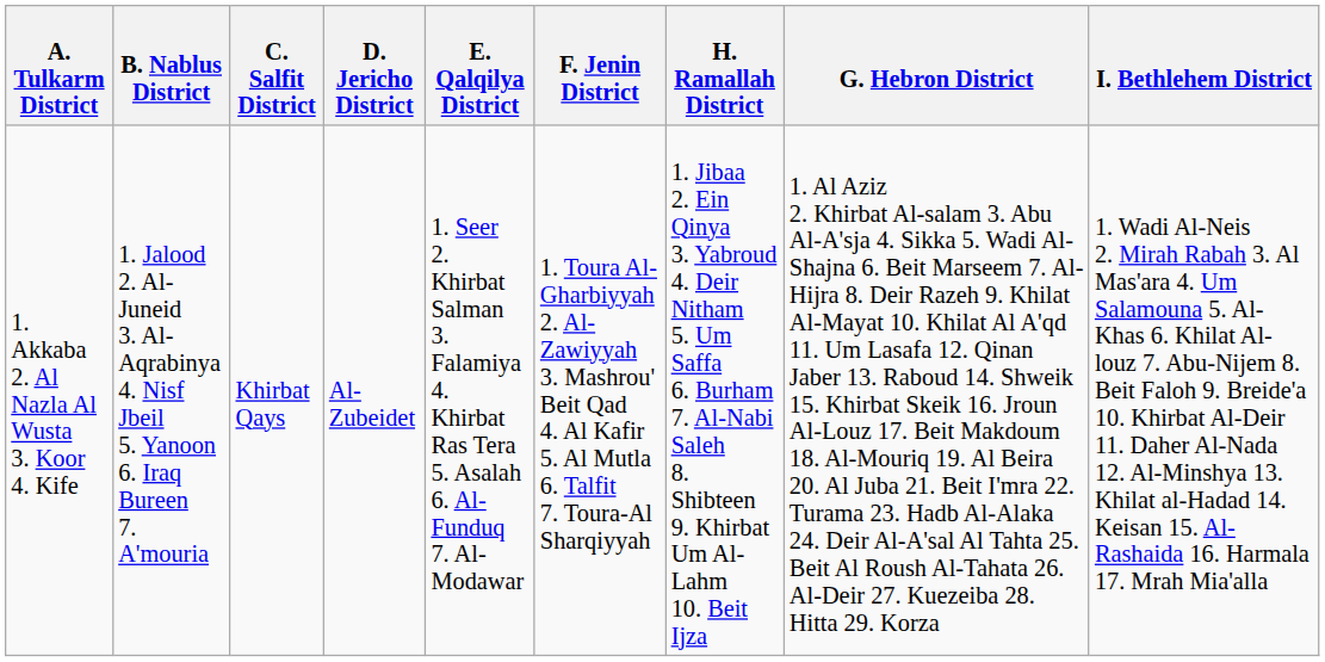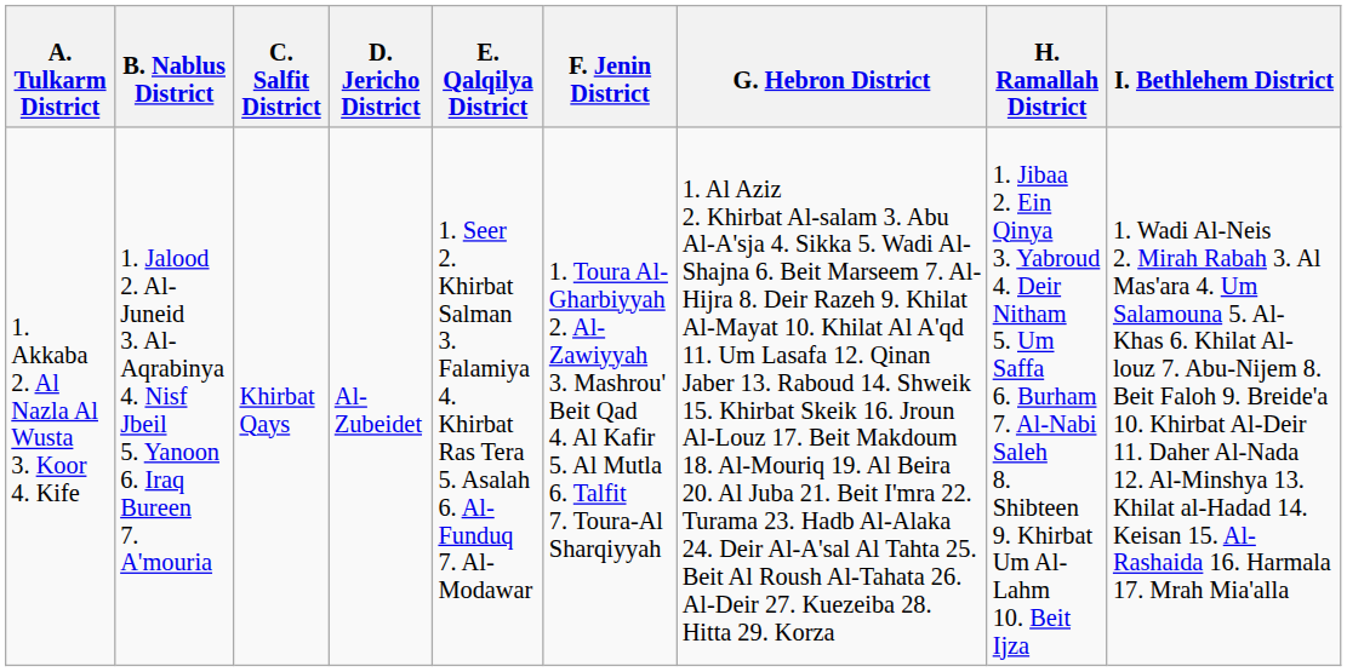 <table class="wikitable">
 <tr>
 <th><br>A. <a href='#'>Tulkarm District</a></th>
 <th><br>B. <a href='#'> Nablus District</a></th>
 <th><br>C. <a href='#'> Salfit District</a></th>
 <th><br>D. <a href='#'> Jericho District</a></th>
 <th><br>E. <a href='#'> Qalqilya District</a></th>
 <th><br>F. <a href='#'> Jenin District</a></th>
+<th><br>G. <a href='#'> Hebron District</a></th>
 <th><br>H. <a href='#'> Ramallah District</a></th>
-<th><br>G. <a href='#'> Hebron District</a></th>
 <th><br>I. <a href='#'> Bethlehem District</a></th>
 </tr>
 <tr>
 <td><br>1. Akkaba<br>2. <a href='#'>Al Nazla Al Wusta</a><br>3. <a href='#'> Koor</a><br>4. Kife</td>
 <td><br>1. <a href='#'>Jalood</a><br>2. Al-Juneid<br>3. Al-Aqrabinya<br>4. <a href='#'>Nisf Jbeil</a><br>5. <a href='#'>Yanoon</a><br>6. <a href='#'>Iraq Bureen</a><br>7. <a href='#'>A'mouria</a></td>
 <td><br><a href='#'>Khirbat Qays</a></td>
 <td><br><a href='#'>Al-Zubeidet</a></td>
 <td><br>1. <a href='#'>Seer</a><br>2. Khirbat Salman<br>3. Falamiya<br>4. Khirbat Ras Tera<br>5. Asalah<br>6. <a href='#'>Al-Funduq</a><br>7. Al-Modawar</td>
 <td><br>1. <a href='#'>Toura Al-Gharbiyyah</a><br>2. <a href='#'>Al-Zawiyyah</a><br>3. Mashrou' Beit Qad<br>4. Al Kafir<br>5. Al Mutla<br>6. <a href='#'>Talfit</a><br>7. Toura-Al Sharqiyyah</td>
+<td><br>1. Al Aziz<br>2. Khirbat Al-salam 3. Abu Al-A'sja 4. Sikka 5. Wadi Al-Shajna 6. Beit Marseem 7. Al-Hijra 8. Deir Razeh 9. Khilat Al-Mayat 10. Khilat Al A'qd 11. Um Lasafa 12. Qinan Jaber 13. Raboud 14. Shweik 15. Khirbat Skeik 16. Jroun Al-Louz 17. Beit Makdoum 18. Al-Mouriq 19. Al Beira 20. Al Juba 21. Beit I'mra 22. Turama 23. Hadb Al-Alaka 24. Deir Al-A'sal Al Tahta 25. Beit Al Roush Al-Tahata 26. Al-Deir 27. Kuezeiba 28. Hitta 29. Korza</td>
 <td><br>1. <a href='#'>Jibaa</a><br>2. <a href='#'>Ein Qinya</a><br>3. <a href='#'>Yabroud</a><br>4. <a href='#'>Deir Nitham</a><br>5. <a href='#'>Um Saffa</a><br>6. <a href='#'>Burham</a><br>7. <a href='#'>Al-Nabi Saleh</a><br>8. Shibteen<br>9. Khirbat Um Al-Lahm<br>10. <a href='#'>Beit Ijza</a></td>
-<td><br>1. Al Aziz<br>2. Khirbat Al-salam 3. Abu Al-A'sja 4. Sikka 5. Wadi Al-Shajna 6. Beit Marseem 7. Al-Hijra 8. Deir Razeh 9. Khilat Al-Mayat 10. Khilat Al A'qd 11. Um Lasafa 12. Qinan Jaber 13. Raboud 14. Shweik 15. Khirbat Skeik 16. Jroun Al-Louz 17. Beit Makdoum 18. Al-Mouriq 19. Al Beira 20. Al Juba 21. Beit I'mra 22. Turama 23. Hadb Al-Alaka 24. Deir Al-A'sal Al Tahta 25. Beit Al Roush Al-Tahata 26. Al-Deir 27. Kuezeiba 28. Hitta 29. Korza</td>
 <td><br>1. Wadi Al-Neis<br>2. <a href='#'>Mirah Rabah</a> 3. Al Mas'ara 4. <a href='#'>Um Salamouna</a> 5. Al-Khas 6. Khilat Al-louz 7. Abu-Nijem 8. Beit Faloh 9. Breide'a 10. Khirbat Al-Deir 11. Daher Al-Nada 12. Al-Minshya 13. Khilat al-Hadad 14. Keisan 15. <a href='#'>Al-Rashaida</a> 16. Harmala 17. Mrah Mia'alla</td>
 </tr>
 </table>
